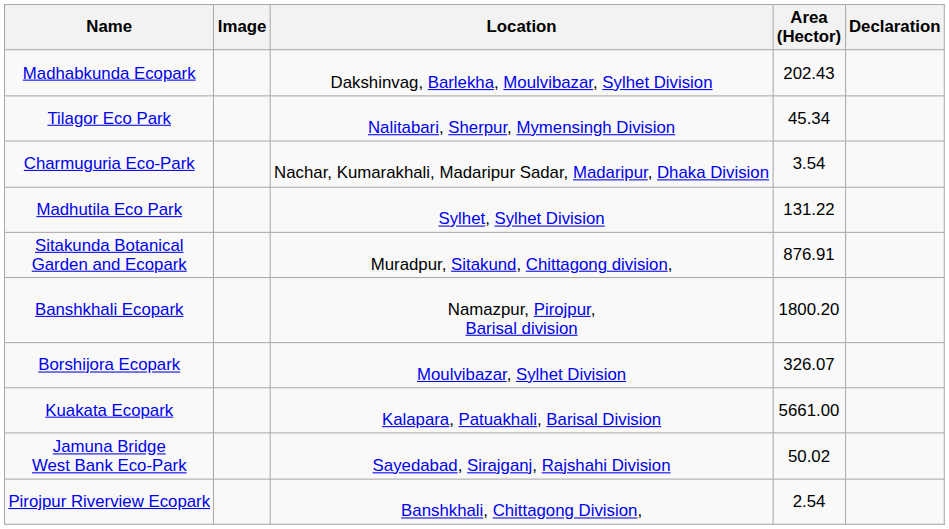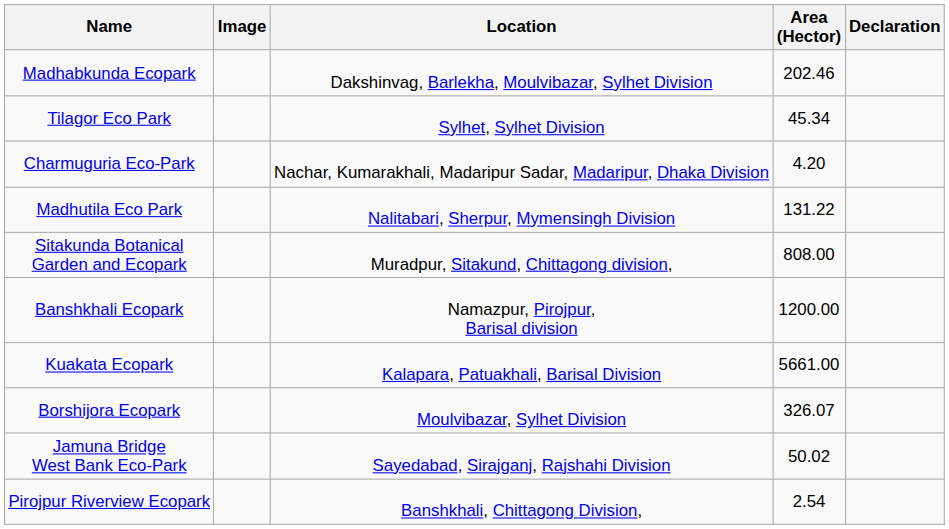 <table class="wikitable sortable sticky-header static-row-numbers static-row-header-hash" style="text-align:center">
 <tr>
 <th>Name</th>
 <th class="unsortable">Image</th>
 <th>Location</th>
 <th>Area<br>(Hector)</th>
 <th>Declaration</th>
 </tr>
 <tr>
 <td><a href='#'>Madhabkunda Ecopark</a></td>
 <td></td>
 <td><br>Dakshinvag, <a href='#'>Barlekha</a>, <a href='#'>Moulvibazar</a>, <a href='#'>Sylhet Division</a></td>
-<td>202.43</td>
+<td>202.46</td>
 <td></td>
 </tr>
 <tr>
 <td><a href='#'>Tilagor Eco Park</a></td>
 <td></td>
-<td><br><a href='#'>Nalitabari</a>, <a href='#'>Sherpur</a>, <a href='#'>Mymensingh Division</a></td>
+<td><br><a href='#'>Sylhet</a>, <a href='#'>Sylhet Division</a></td>
 <td>45.34</td>
 <td></td>
 </tr>
 <tr>
 <td><a href='#'>Charmuguria Eco-Park</a></td>
 <td></td>
 <td><br>Nachar, Kumarakhali, Madaripur Sadar, <a href='#'>Madaripur</a>, <a href='#'>Dhaka Division</a></td>
-<td>3.54</td>
+<td>4.20</td>
 <td></td>
 </tr>
 <tr>
 <td><a href='#'>Madhutila Eco Park</a></td>
 <td></td>
-<td><br><a href='#'>Sylhet</a>, <a href='#'>Sylhet Division</a></td>
+<td><br><a href='#'>Nalitabari</a>, <a href='#'>Sherpur</a>, <a href='#'>Mymensingh Division</a></td>
 <td>131.22</td>
 <td></td>
 </tr>
 <tr>
 <td><a href='#'>Sitakunda Botanical</a><br><a href='#'>Garden and Ecopark</a></td>
 <td></td>
 <td><br>Muradpur, <a href='#'>Sitakund</a>, <a href='#'>Chittagong division</a>,</td>
-<td>876.91</td>
+<td>808.00</td>
 <td></td>
 </tr>
 <tr>
 <td><a href='#'>Banshkhali Ecopark</a></td>
 <td></td>
 <td><br>Namazpur, <a href='#'>Pirojpur</a>,<br><a href='#'>Barisal division</a></td>
-<td>1800.20</td>
+<td>1200.00</td>
+<td></td>
+</tr>
+<tr>
+<td><a href='#'>Kuakata Ecopark</a></td>
+<td></td>
+<td><br><a href='#'>Kalapara</a>, <a href='#'>Patuakhali</a>, <a href='#'>Barisal Division</a></td>
+<td>5661.00</td>
 <td></td>
 </tr>
 <tr>
 <td><a href='#'>Borshijora Ecopark</a></td>
 <td></td>
 <td><br><a href='#'>Moulvibazar</a>, <a href='#'>Sylhet Division</a></td>
 <td>326.07</td>
-<td></td>
-</tr>
-<tr>
-<td><a href='#'>Kuakata Ecopark</a></td>
-<td></td>
-<td><br><a href='#'>Kalapara</a>, <a href='#'>Patuakhali</a>, <a href='#'>Barisal Division</a></td>
-<td>5661.00</td>
 <td></td>
 </tr>
 <tr>
 <td><a href='#'>Jamuna Bridge</a><br><a href='#'>West Bank Eco-Park</a></td>
 <td></td>
 <td><br><a href='#'>Sayedabad</a>, <a href='#'>Sirajganj</a>, <a href='#'>Rajshahi Division</a></td>
 <td>50.02</td>
 <td></td>
 </tr>
 <tr>
 <td><a href='#'>Pirojpur Riverview Ecopark</a></td>
 <td></td>
 <td><br><a href='#'>Banshkhali</a>, <a href='#'>Chittagong Division</a>,</td>
 <td>2.54</td>
 <td></td>
 </tr>
 </table>
